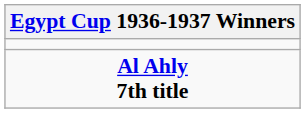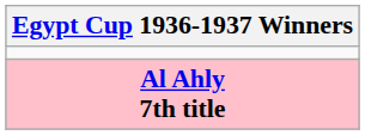 <table class="wikitable" style="text-align: center; margin: 0 auto;">
 <tr>
 <th><a href='#'>Egypt Cup</a> 1936-1937 Winners</th>
 </tr>
 <tr>
 <td></td>
 </tr>
 <tr>
-<td><strong><a href='#'>Al Ahly</a></strong><br><strong>7th title</strong></td>
+<td style="background: pink;"><strong><a href='#'>Al Ahly</a></strong><br><strong>7th title</strong></td>
 </tr>
 </table>
